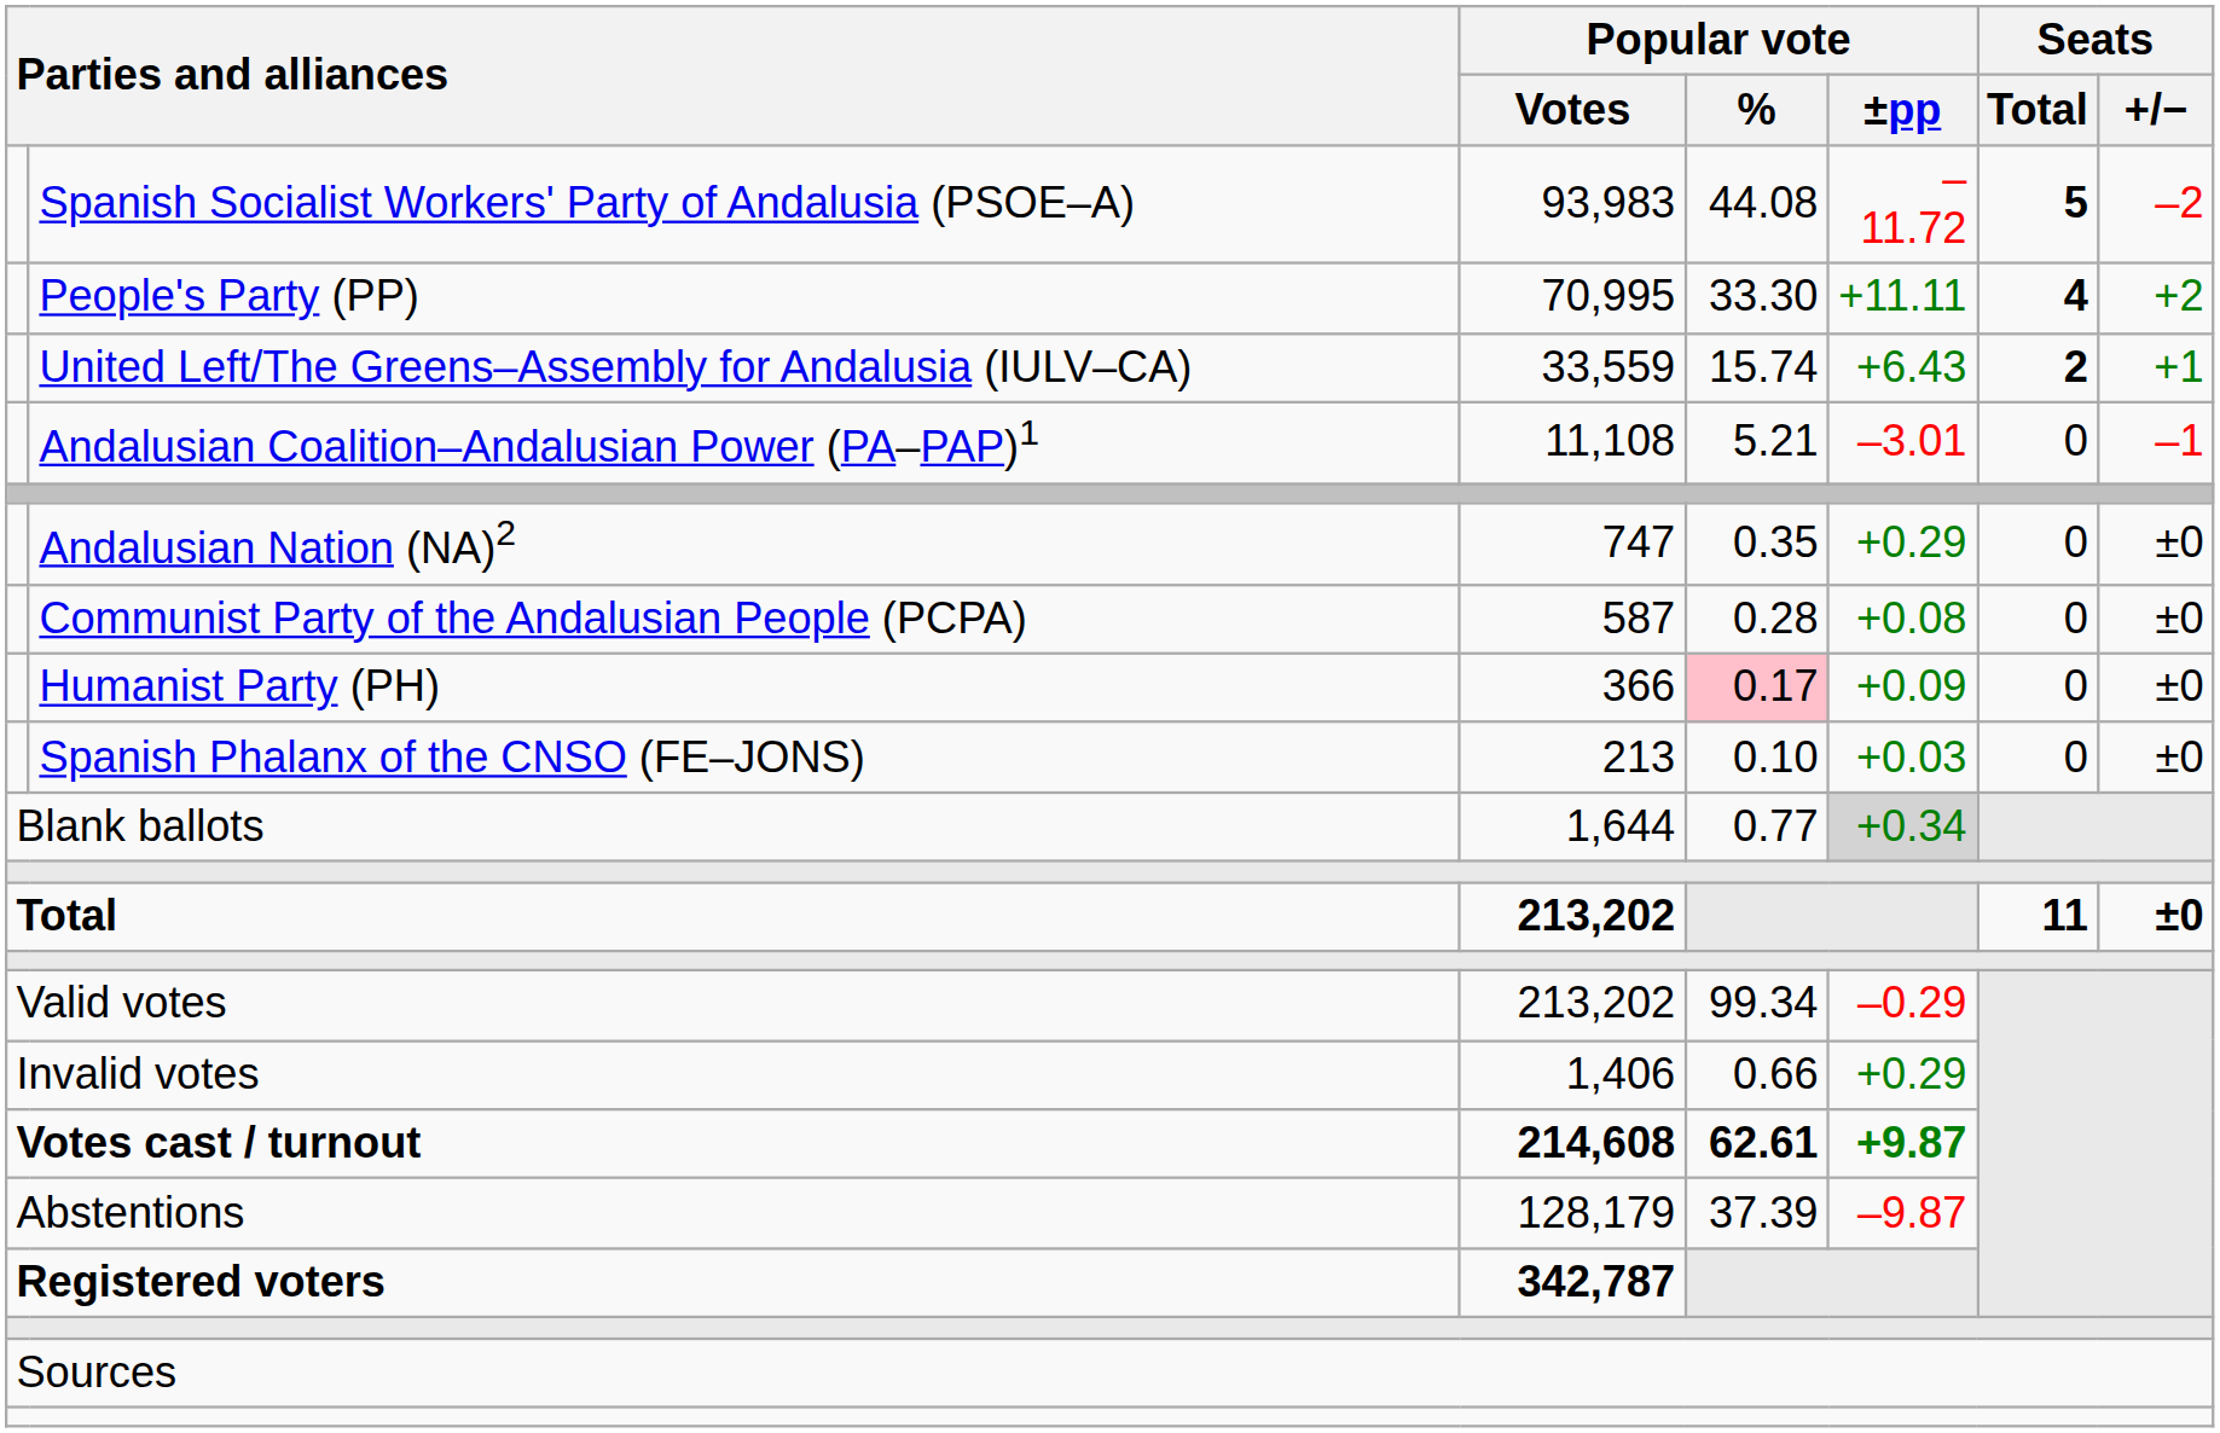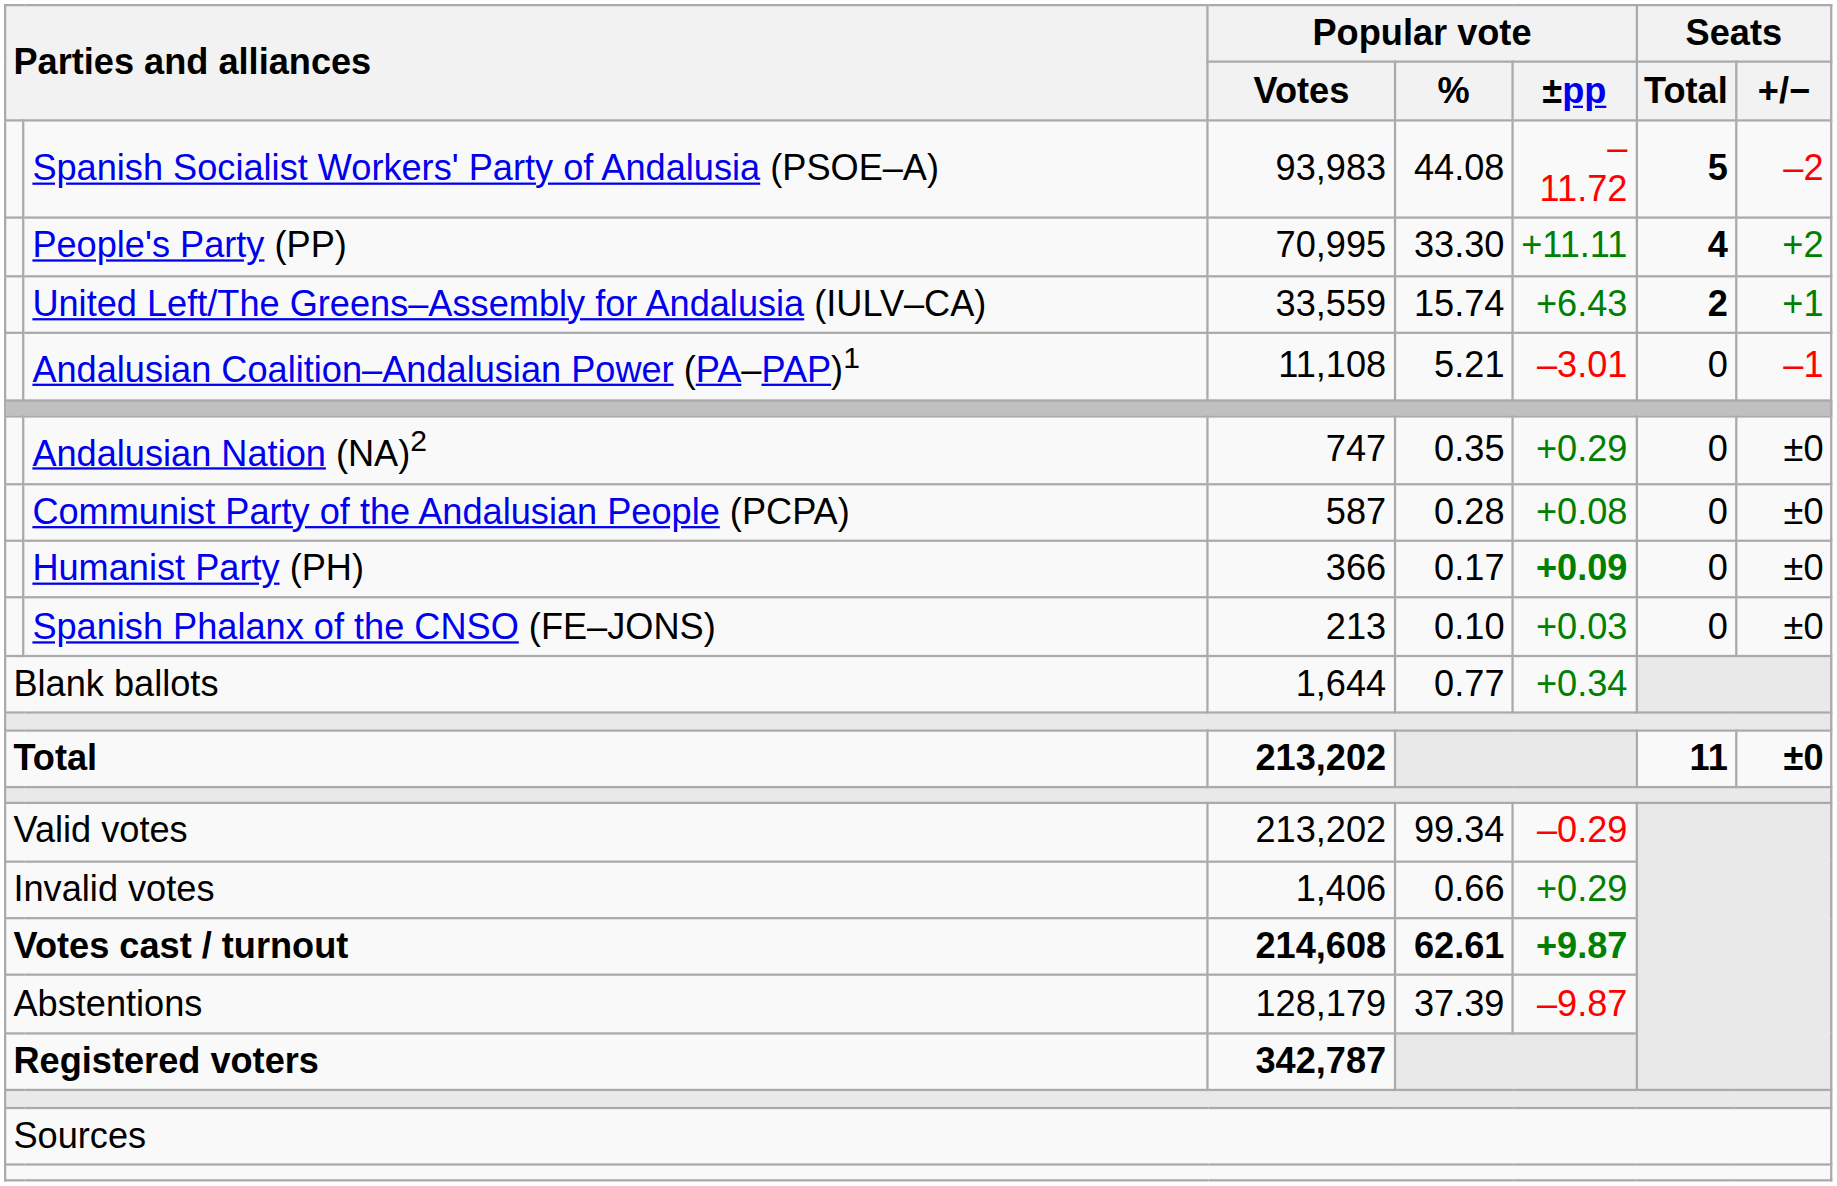 <table class="wikitable" style="text-align:right;">
 <tr>
 <th style="text-align:left;" rowspan="2" colspan="2" width="525">Parties and alliances</th>
 <th colspan="3">Popular vote</th>
 <th colspan="2">Seats</th>
 </tr>
 <tr>
 <th width="75">Votes</th>
 <th width="45">%</th>
 <th width="45">±<a href='#'>pp</a></th>
 <th width="35">Total</th>
 <th width="35">+/−</th>
 </tr>
 <tr>
 <td width="1" style="color:inherit;background:"></td>
 <td align="left"><a href='#'>Spanish Socialist Workers' Party of Andalusia</a> (PSOE–A)</td>
 <td>93,983</td>
 <td>44.08</td>
 <td style="color:red;">–11.72</td>
 <td><strong>5</strong></td>
 <td style="color:red;">–2</td>
 </tr>
 <tr>
 <td style="color:inherit;background:"></td>
 <td align="left"><a href='#'>People's Party</a> (PP)</td>
 <td>70,995</td>
 <td>33.30</td>
 <td style="color:green;">+11.11</td>
 <td><strong>4</strong></td>
 <td style="color:green;">+2</td>
 </tr>
 <tr>
 <td style="color:inherit;background:"></td>
 <td align="left"><a href='#'>United Left/The Greens–Assembly for Andalusia</a> (IULV–CA)</td>
 <td>33,559</td>
 <td>15.74</td>
 <td style="color:green;">+6.43</td>
 <td><strong>2</strong></td>
 <td style="color:green;">+1</td>
 </tr>
 <tr>
 <td style="color:inherit;background:"></td>
 <td align="left"><a href='#'>Andalusian Coalition–Andalusian Power</a> (<a href='#'>PA</a>–<a href='#'>PAP</a>)<sup>1</sup></td>
 <td>11,108</td>
 <td>5.21</td>
 <td style="color:red;">–3.01</td>
 <td>0</td>
 <td style="color:red;">–1</td>
 </tr>
 <tr>
 <td colspan="7" bgcolor="#C0C0C0"></td>
 </tr>
 <tr>
 <td style="color:inherit;background:"></td>
 <td align="left"><a href='#'>Andalusian Nation</a> (NA)<sup>2</sup></td>
 <td>747</td>
 <td>0.35</td>
 <td style="color:green;">+0.29</td>
 <td>0</td>
 <td>±0</td>
 </tr>
 <tr>
 <td style="color:inherit;background:"></td>
 <td align="left"><a href='#'>Communist Party of the Andalusian People</a> (PCPA)</td>
 <td>587</td>
 <td>0.28</td>
 <td style="color:green;">+0.08</td>
 <td>0</td>
 <td>±0</td>
 </tr>
 <tr>
 <td style="color:inherit;background:"></td>
 <td align="left"><a href='#'>Humanist Party</a> (PH)</td>
 <td>366</td>
-<td style="background: pink;">0.17</td>
-<td style="color:green;">+0.09</td>
+<td>0.17</td>
+<td style="color:green;"><strong>+0.09</strong></td>
 <td>0</td>
 <td>±0</td>
 </tr>
 <tr>
 <td style="color:inherit;background:"></td>
 <td align="left"><a href='#'>Spanish Phalanx of the CNSO</a> (FE–JONS)</td>
 <td>213</td>
 <td>0.10</td>
 <td style="color:green;">+0.03</td>
 <td>0</td>
 <td>±0</td>
 </tr>
 <tr>
 <td align="left" colspan="2">Blank ballots</td>
 <td>1,644</td>
 <td>0.77</td>
-<td style="background: lightgrey; color:green;">+0.34</td>
+<td style="color:green;">+0.34</td>
 <td bgcolor="#E9E9E9" colspan="2"></td>
 </tr>
 <tr>
 <td colspan="7" bgcolor="#E9E9E9"></td>
 </tr>
 <tr style="font-weight:bold;">
 <td align="left" colspan="2">Total</td>
 <td>213,202</td>
 <td bgcolor="#E9E9E9" colspan="2"></td>
 <td>11</td>
 <td>±0</td>
 </tr>
 <tr>
 <td colspan="7" bgcolor="#E9E9E9"></td>
 </tr>
 <tr>
 <td align="left" colspan="2">Valid votes</td>
 <td>213,202</td>
 <td>99.34</td>
 <td style="color:red;">–0.29</td>
 <td bgcolor="#E9E9E9" colspan="2" rowspan="5"></td>
 </tr>
 <tr>
 <td align="left" colspan="2">Invalid votes</td>
 <td>1,406</td>
 <td>0.66</td>
 <td style="color:green;">+0.29</td>
 </tr>
 <tr style="font-weight:bold;">
 <td align="left" colspan="2">Votes cast / turnout</td>
 <td>214,608</td>
 <td>62.61</td>
 <td style="color:green;">+9.87</td>
 </tr>
 <tr>
 <td align="left" colspan="2">Abstentions</td>
 <td>128,179</td>
 <td>37.39</td>
 <td style="color:red;">–9.87</td>
 </tr>
 <tr style="font-weight:bold;">
 <td align="left" colspan="2">Registered voters</td>
 <td>342,787</td>
 <td bgcolor="#E9E9E9" colspan="2"></td>
 </tr>
 <tr>
 <td colspan="7" bgcolor="#E9E9E9"></td>
 </tr>
 <tr>
 <td align="left" colspan="7">Sources</td>
 </tr>
 <tr>
 <td colspan="7" style="text-align:left; max-width:790px;"></td>
 </tr>
 </table>
